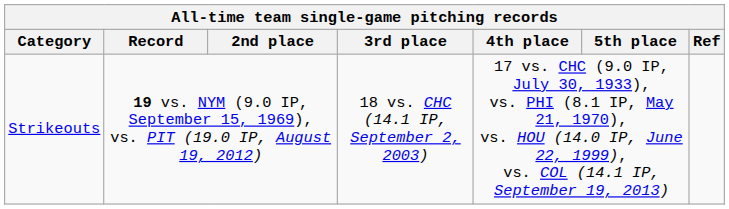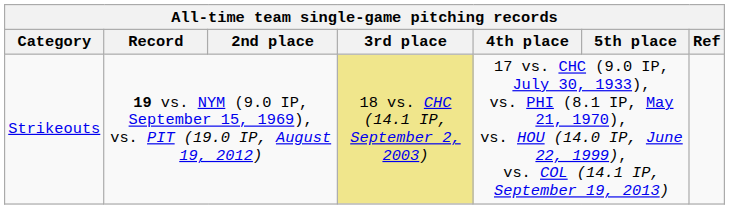 <table class="wikitable unsortable" style="text-align:center">
 <tr>
 <th colspan=7><strong>All-time team single-game pitching records</strong></th>
 </tr>
 <tr>
 <th scope="col">Category</th>
 <th scope="col">Record</th>
 <th scope="col">2nd place</th>
 <th scope="col">3rd place</th>
 <th scope="col">4th place</th>
 <th scope="col">5th place</th>
 <th scope="col">Ref</th>
 </tr>
 <tr>
 <td><a href='#'>Strikeouts</a></td>
 <td colspan="2" style="text-align: center;"><strong>19</strong> vs. <a href='#'>NYM</a> (9.0 IP, <a href='#'>September 15, 1969</a>),<br>vs. <em><a href='#'>PIT</a> (19.0 IP, <a href='#'>August 19, 2012</a>)</em></td>
-<td>18 vs. <em><a href='#'>CHC</a> (14.1 IP,</em><br><em><a href='#'>September 2, 2003</a>)</em></td>
+<td style="background: khaki;">18 vs. <em><a href='#'>CHC</a> (14.1 IP,</em><br><em><a href='#'>September 2, 2003</a>)</em></td>
 <td colspan="2" style="text-align: center;">17 vs. <a href='#'>CHC</a> (9.0 IP, <a href='#'>July 30, 1933</a>),<br>vs. <a href='#'>PHI</a> (8.1 IP, <a href='#'>May 21, 1970</a>),<br>vs. <em><a href='#'>HOU</a> (14.0 IP, <a href='#'>June 22, 1999</a>)</em>,<br>vs. <em><a href='#'>COL</a> (14.1 IP, <a href='#'>September 19, 2013</a>)</em></td>
 <td></td>
 </tr>
 </table>
